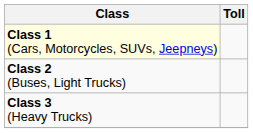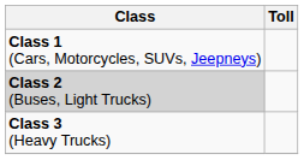 <table class="wikitable">
 <tr>
 <th>Class</th>
 <th>Toll</th>
 </tr>
 <tr>
-<td style="background: lightyellow;"><strong>Class 1</strong><br>(Cars, Motorcycles, SUVs, <a href='#'>Jeepneys</a>)</td>
+<td><strong>Class 1</strong><br>(Cars, Motorcycles, SUVs, <a href='#'>Jeepneys</a>)</td>
 <td></td>
 </tr>
 <tr>
-<td><strong>Class 2</strong><br>(Buses, Light Trucks)</td>
+<td style="background: lightgrey;"><strong>Class 2</strong><br>(Buses, Light Trucks)</td>
 <td></td>
 </tr>
 <tr>
 <td><strong>Class 3</strong><br>(Heavy Trucks)</td>
 <td></td>
 </tr>
 <tr>
 </tr>
 </table>
